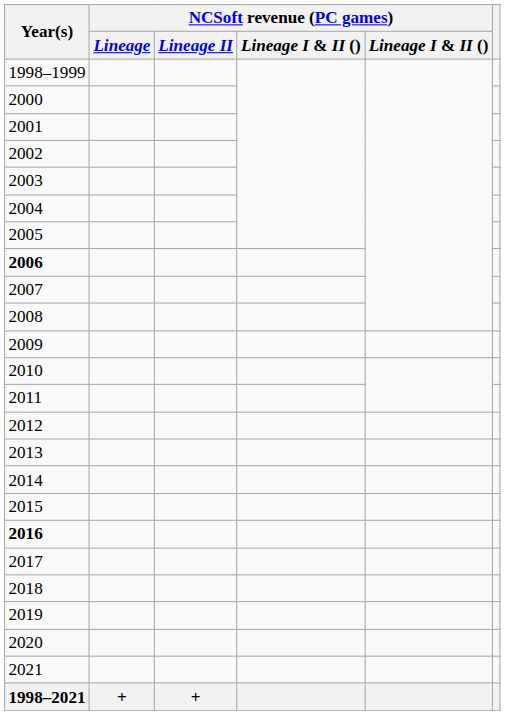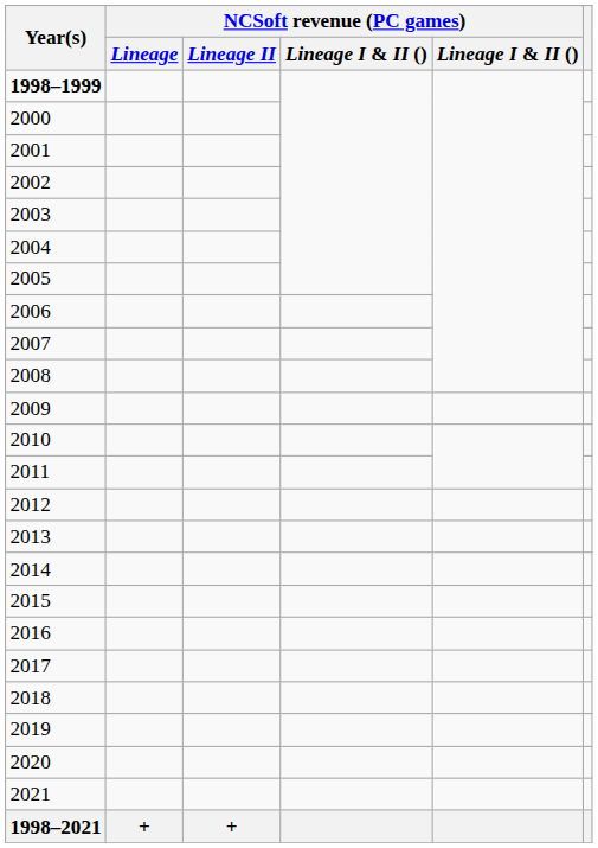 <table class="wikitable sortable">
 <tr>
 <th rowspan="2">Year(s)</th>
 <th colspan="4"><a href='#'>NCSoft</a> revenue (<a href='#'>PC games</a>)</th>
 <th rowspan="2"></th>
 </tr>
 <tr>
 <th><em><a href='#'>Lineage</a></em></th>
 <th><em><a href='#'>Lineage II</a></em></th>
 <th><em>Lineage I</em> & <em>II</em> ()</th>
 <th><em>Lineage I</em> & <em>II</em> ()</th>
 </tr>
 <tr>
-<td>1998–1999</td>
+<td><strong>1998–1999</strong></td>
 <td></td>
 <td></td>
 <td rowspan="7"></td>
 <td rowspan="10"></td>
 <td></td>
 </tr>
 <tr>
 <td>2000</td>
 <td></td>
 <td></td>
 <td></td>
 </tr>
 <tr>
 <td>2001</td>
 <td></td>
 <td></td>
 <td></td>
 </tr>
 <tr>
 <td>2002</td>
 <td></td>
 <td></td>
 <td></td>
 </tr>
 <tr>
 <td>2003</td>
 <td></td>
 <td></td>
 <td></td>
 </tr>
 <tr>
 <td>2004</td>
 <td></td>
 <td></td>
 <td></td>
 </tr>
 <tr>
 <td>2005</td>
 <td></td>
 <td></td>
 <td></td>
 </tr>
 <tr>
-<td><strong>2006</strong></td>
+<td>2006</td>
 <td></td>
 <td></td>
 <td></td>
 <td></td>
 </tr>
 <tr>
 <td>2007</td>
 <td></td>
 <td></td>
 <td></td>
 <td></td>
 </tr>
 <tr>
 <td>2008</td>
 <td></td>
 <td></td>
 <td></td>
 <td></td>
 </tr>
 <tr>
 <td>2009</td>
 <td></td>
 <td></td>
 <td></td>
 <td></td>
 <td></td>
 </tr>
 <tr>
 <td>2010</td>
 <td></td>
 <td></td>
 <td></td>
 <td rowspan="2"></td>
 <td></td>
 </tr>
 <tr>
 <td>2011</td>
 <td></td>
 <td></td>
 <td></td>
 <td></td>
 </tr>
 <tr>
 <td>2012</td>
 <td></td>
 <td></td>
 <td></td>
 <td></td>
 <td></td>
 </tr>
 <tr>
 <td>2013</td>
 <td></td>
 <td></td>
 <td></td>
 <td></td>
 <td></td>
 </tr>
 <tr>
 <td>2014</td>
 <td></td>
 <td></td>
 <td></td>
 <td></td>
 <td></td>
 </tr>
 <tr>
 <td>2015</td>
 <td></td>
 <td></td>
 <td></td>
 <td></td>
 <td></td>
 </tr>
 <tr>
-<td><strong>2016</strong></td>
+<td>2016</td>
 <td></td>
 <td></td>
 <td></td>
 <td></td>
 <td></td>
 </tr>
 <tr>
 <td>2017</td>
 <td></td>
 <td></td>
 <td></td>
 <td></td>
 <td></td>
 </tr>
 <tr>
 <td>2018</td>
 <td></td>
 <td></td>
 <td></td>
 <td></td>
 <td></td>
 </tr>
 <tr>
 <td>2019</td>
 <td></td>
 <td></td>
 <td></td>
 <td></td>
 <td></td>
 </tr>
 <tr>
 <td>2020</td>
 <td></td>
 <td></td>
 <td></td>
 <td></td>
 <td></td>
 </tr>
 <tr>
 <td>2021</td>
 <td></td>
 <td></td>
 <td></td>
 <td></td>
 <td></td>
 </tr>
 <tr>
 <th>1998–2021</th>
 <th>+</th>
 <th>+</th>
 <th></th>
 <th></th>
 <th></th>
 </tr>
 </table>
